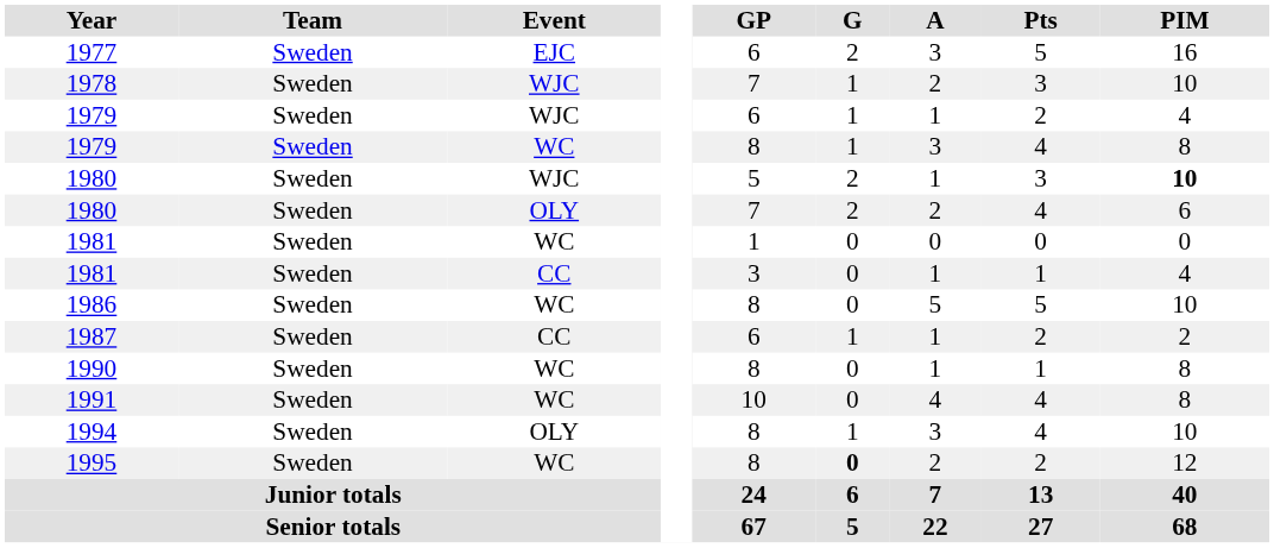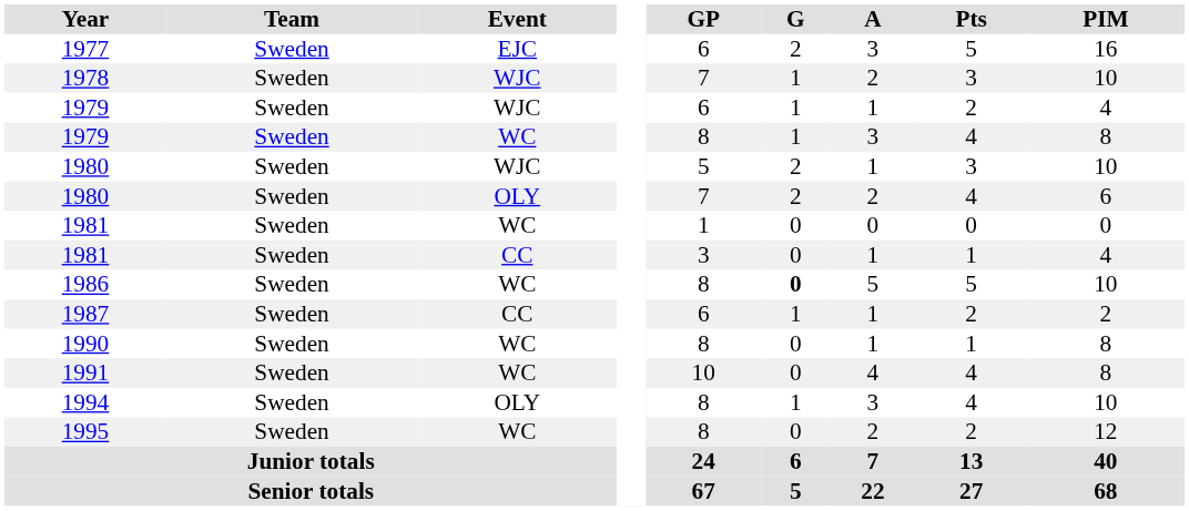 <table border="0" cellpadding="1" cellspacing="0" style="text-align:center; width:50em">
 <tr ALIGN="center" bgcolor="#e0e0e0">
 <th>Year</th>
 <th>Team</th>
 <th>Event</th>
 <th rowspan="99" bgcolor="#ffffff"> </th>
 <th>GP</th>
 <th>G</th>
 <th>A</th>
 <th>Pts</th>
 <th>PIM</th>
 </tr>
 <tr>
 <td><a href='#'>1977</a></td>
 <td><a href='#'>Sweden</a></td>
 <td><a href='#'>EJC</a></td>
 <td>6</td>
 <td>2</td>
 <td>3</td>
 <td>5</td>
 <td>16</td>
 </tr>
 <tr bgcolor="#f0f0f0">
 <td><a href='#'>1978</a></td>
 <td>Sweden</td>
 <td><a href='#'>WJC</a></td>
 <td>7</td>
 <td>1</td>
 <td>2</td>
 <td>3</td>
 <td>10</td>
 </tr>
 <tr>
 <td><a href='#'>1979</a></td>
 <td>Sweden</td>
 <td>WJC</td>
 <td>6</td>
 <td>1</td>
 <td>1</td>
 <td>2</td>
 <td>4</td>
 </tr>
 <tr bgcolor="#f0f0f0">
 <td><a href='#'>1979</a></td>
 <td><a href='#'>Sweden</a></td>
 <td><a href='#'>WC</a></td>
 <td>8</td>
 <td>1</td>
 <td>3</td>
 <td>4</td>
 <td>8</td>
 </tr>
 <tr>
 <td><a href='#'>1980</a></td>
 <td>Sweden</td>
 <td>WJC</td>
 <td>5</td>
 <td>2</td>
 <td>1</td>
 <td>3</td>
-<td><strong>10</strong></td>
+<td>10</td>
 </tr>
 <tr bgcolor="#f0f0f0">
 <td><a href='#'>1980</a></td>
 <td>Sweden</td>
 <td><a href='#'>OLY</a></td>
 <td>7</td>
 <td>2</td>
 <td>2</td>
 <td>4</td>
 <td>6</td>
 </tr>
 <tr>
 <td><a href='#'>1981</a></td>
 <td>Sweden</td>
 <td>WC</td>
 <td>1</td>
 <td>0</td>
 <td>0</td>
 <td>0</td>
 <td>0</td>
 </tr>
 <tr bgcolor="#f0f0f0">
 <td><a href='#'>1981</a></td>
 <td>Sweden</td>
 <td><a href='#'>CC</a></td>
 <td>3</td>
 <td>0</td>
 <td>1</td>
 <td>1</td>
 <td>4</td>
 </tr>
 <tr>
 <td><a href='#'>1986</a></td>
 <td>Sweden</td>
 <td>WC</td>
 <td>8</td>
-<td>0</td>
+<td><strong>0</strong></td>
 <td>5</td>
 <td>5</td>
 <td>10</td>
 </tr>
 <tr bgcolor="#f0f0f0">
 <td><a href='#'>1987</a></td>
 <td>Sweden</td>
 <td>CC</td>
 <td>6</td>
 <td>1</td>
 <td>1</td>
 <td>2</td>
 <td>2</td>
 </tr>
 <tr>
 <td><a href='#'>1990</a></td>
 <td>Sweden</td>
 <td>WC</td>
 <td>8</td>
 <td>0</td>
 <td>1</td>
 <td>1</td>
 <td>8</td>
 </tr>
 <tr bgcolor="#f0f0f0">
 <td><a href='#'>1991</a></td>
 <td>Sweden</td>
 <td>WC</td>
 <td>10</td>
 <td>0</td>
 <td>4</td>
 <td>4</td>
 <td>8</td>
 </tr>
 <tr>
 <td><a href='#'>1994</a></td>
 <td>Sweden</td>
 <td>OLY</td>
 <td>8</td>
 <td>1</td>
 <td>3</td>
 <td>4</td>
 <td>10</td>
 </tr>
 <tr bgcolor="#f0f0f0">
 <td><a href='#'>1995</a></td>
 <td>Sweden</td>
 <td>WC</td>
 <td>8</td>
-<td><strong>0</strong></td>
+<td>0</td>
 <td>2</td>
 <td>2</td>
 <td>12</td>
 </tr>
 <tr bgcolor="#e0e0e0">
 <th colspan=3>Junior totals</th>
 <th>24</th>
 <th>6</th>
 <th>7</th>
 <th>13</th>
 <th>40</th>
 </tr>
 <tr bgcolor="#e0e0e0">
 <th colspan=3>Senior totals</th>
 <th>67</th>
 <th>5</th>
 <th>22</th>
 <th>27</th>
 <th>68</th>
 </tr>
 </table>
